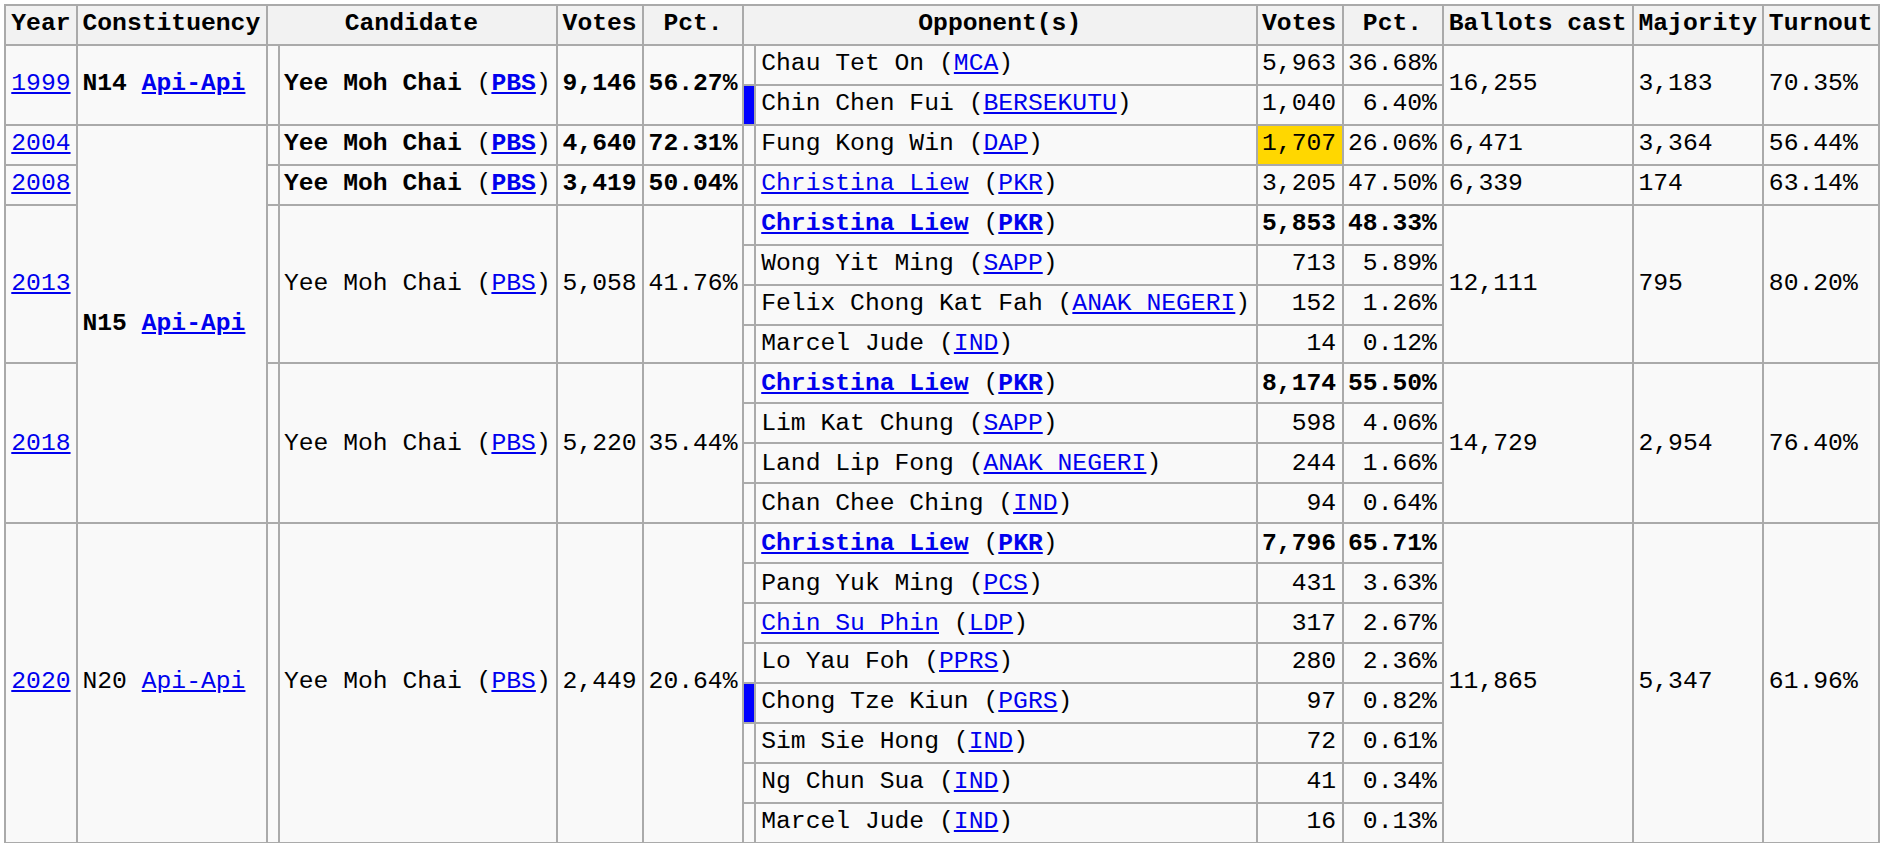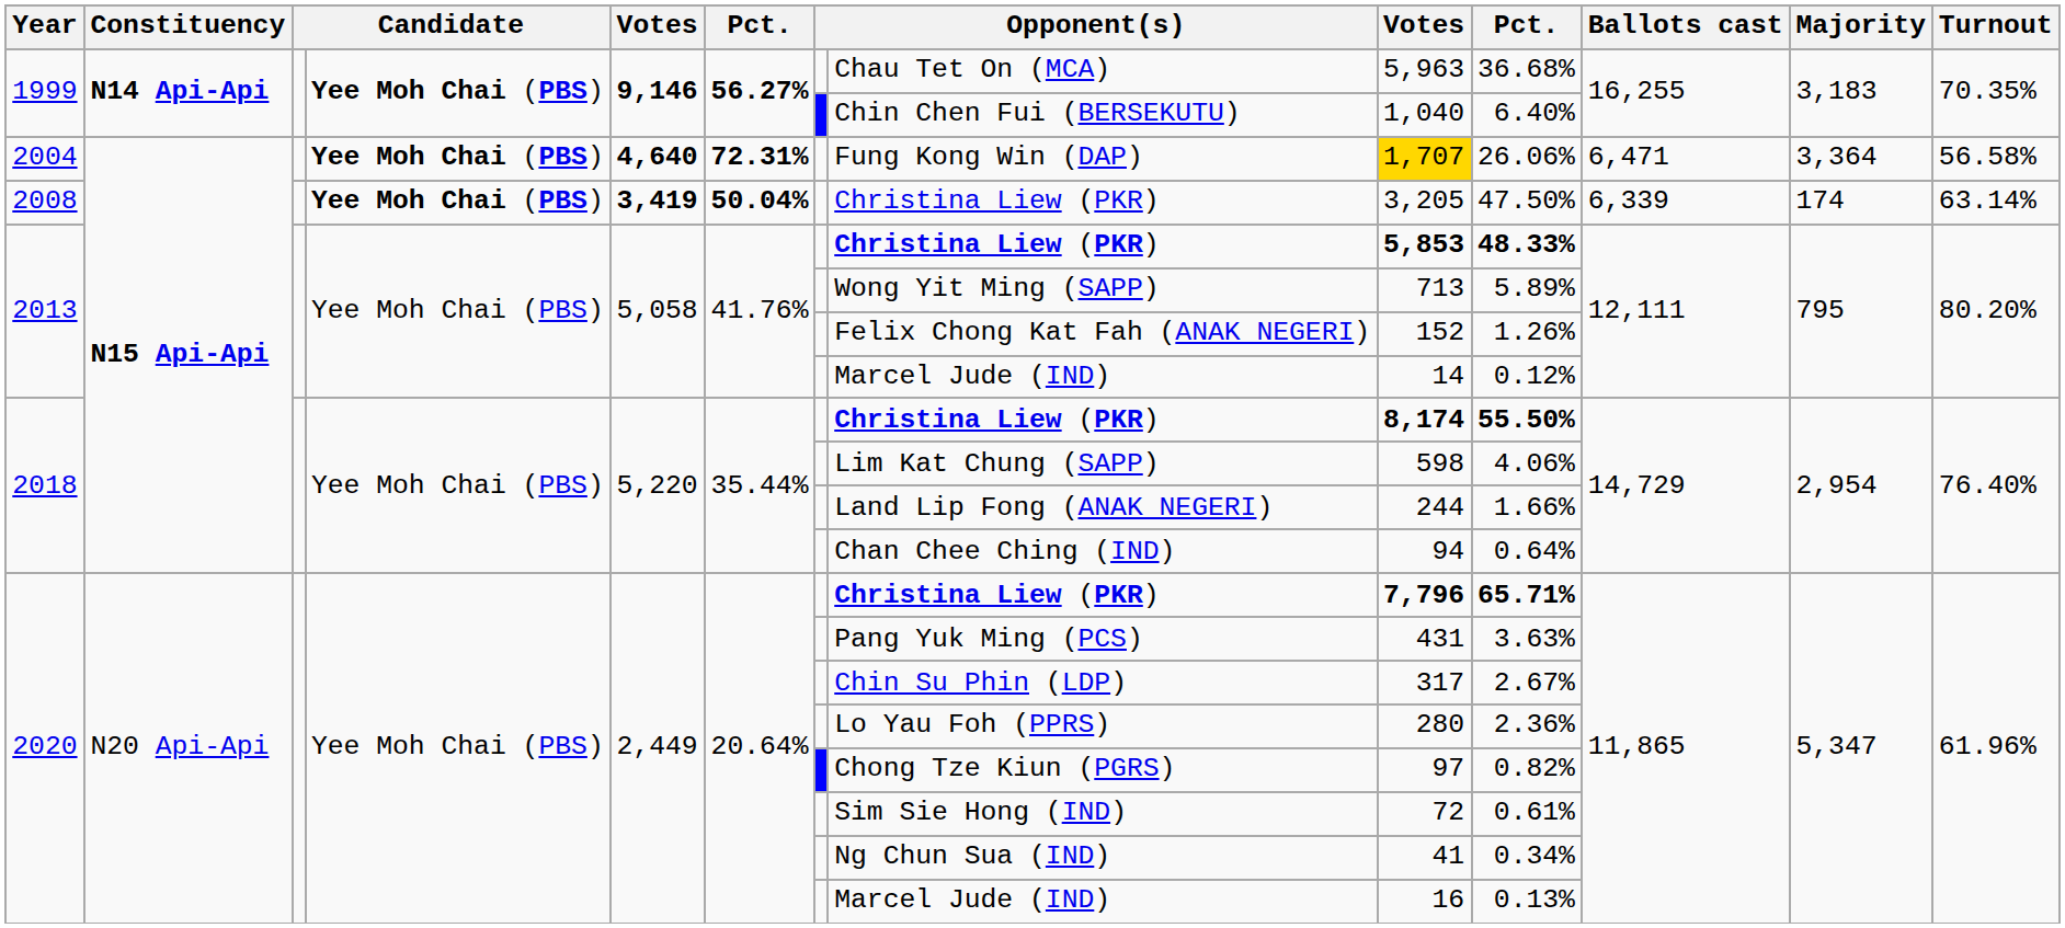 <table class="wikitable" style="margin:0.5em ; font-size:95%">
 <tr>
 <th>Year</th>
 <th>Constituency</th>
 <th colspan="2">Candidate</th>
 <th>Votes</th>
 <th>Pct.</th>
 <th colspan="2">Opponent(s)</th>
 <th>Votes</th>
 <th>Pct.</th>
 <th>Ballots cast</th>
 <th>Majority</th>
 <th>Turnout</th>
 </tr>
 <tr>
 <td rowspan="2"><a href='#'>1999</a></td>
 <td rowspan=2><strong>N14 <a href='#'>Api-Api</a></strong></td>
 <td rowspan="2" bgcolor= ></td>
 <td rowspan="2"><strong>Yee Moh Chai</strong> (<a href='#'><strong>PBS</strong></a>)</td>
 <td rowspan="2" align=right><strong>9,146</strong></td>
 <td rowspan="2"><strong>56.27%</strong></td>
 <td></td>
 <td>Chau Tet On (<a href='#'>MCA</a>)</td>
 <td align=right>5,963</td>
 <td>36.68%</td>
 <td rowspan="2">16,255</td>
 <td rowspan="2">3,183</td>
 <td rowspan="2">70.35%</td>
 </tr>
 <tr>
 <td bgcolor= blue></td>
 <td>Chin Chen Fui (<a href='#'>BERSEKUTU</a>)</td>
 <td align=right>1,040</td>
 <td align=right>6.40%</td>
 </tr>
 <tr>
 <td><a href='#'>2004</a></td>
 <td rowspan=10><strong>N15 <a href='#'>Api-Api</a></strong></td>
 <td></td>
 <td><strong>Yee Moh Chai</strong> (<a href='#'><strong>PBS</strong></a>)</td>
 <td align=right><strong>4,640</strong></td>
 <td><strong>72.31%</strong></td>
 <td></td>
 <td>Fung Kong Win (<a href='#'>DAP</a>)</td>
 <td align=right style="background: gold;">1,707</td>
 <td>26.06%</td>
 <td>6,471</td>
 <td>3,364</td>
-<td>56.44%</td>
+<td>56.58%</td>
 </tr>
 <tr>
 <td><a href='#'>2008</a></td>
 <td></td>
 <td><strong>Yee Moh Chai</strong> (<a href='#'><strong>PBS</strong></a>)</td>
 <td align=right><strong>3,419</strong></td>
 <td><strong>50.04%</strong></td>
 <td></td>
 <td><a href='#'>Christina Liew</a> (<a href='#'>PKR</a>)</td>
 <td align=right>3,205</td>
 <td>47.50%</td>
 <td>6,339</td>
 <td>174</td>
 <td>63.14%</td>
 </tr>
 <tr>
 <td rowspan="4"><a href='#'>2013</a></td>
 <td rowspan="4" ></td>
 <td rowspan="4">Yee Moh Chai (<a href='#'>PBS</a>)</td>
 <td rowspan="4" align=right>5,058</td>
 <td rowspan="4">41.76%</td>
 <td></td>
 <td><strong><a href='#'>Christina Liew</a></strong> (<a href='#'><strong>PKR</strong></a>)</td>
 <td align=right><strong>5,853</strong></td>
 <td><strong>48.33%</strong></td>
 <td rowspan="4">12,111</td>
 <td rowspan="4">795</td>
 <td rowspan="4">80.20%</td>
 </tr>
 <tr>
 <td bgcolor = ></td>
 <td>Wong Yit Ming (<a href='#'>SAPP</a>)</td>
 <td align=right>713</td>
 <td align=right>5.89%</td>
 </tr>
 <tr>
 <td bgcolor = ></td>
 <td>Felix Chong Kat Fah (<a href='#'>ANAK NEGERI</a>)</td>
 <td align=right>152</td>
 <td align=right>1.26%</td>
 </tr>
 <tr>
 <td></td>
 <td>Marcel Jude (<a href='#'>IND</a>)</td>
 <td align=right>14</td>
 <td align=right>0.12%</td>
 </tr>
 <tr>
 <td rowspan="4"><a href='#'>2018</a></td>
 <td rowspan="4" ></td>
 <td rowspan="4">Yee Moh Chai (<a href='#'>PBS</a>)</td>
 <td rowspan="4" align=right>5,220</td>
 <td rowspan="4">35.44%</td>
 <td></td>
 <td><strong><a href='#'>Christina Liew</a></strong> (<a href='#'><strong>PKR</strong></a>)</td>
 <td align=right><strong>8,174</strong></td>
 <td><strong>55.50%</strong></td>
 <td rowspan="4">14,729</td>
 <td rowspan="4">2,954</td>
 <td rowspan="4">76.40%</td>
 </tr>
 <tr>
 <td bgcolor = ></td>
 <td>Lim Kat Chung (<a href='#'>SAPP</a>)</td>
 <td align=right>598</td>
 <td align=right>4.06%</td>
 </tr>
 <tr>
 <td bgcolor = ></td>
 <td>Land Lip Fong (<a href='#'>ANAK NEGERI</a>)</td>
 <td align=right>244</td>
 <td align=right>1.66%</td>
 </tr>
 <tr>
 <td></td>
 <td>Chan Chee Ching (<a href='#'>IND</a>)</td>
 <td align=right>94</td>
 <td align=right>0.64%</td>
 </tr>
 <tr>
 <td rowspan="8"><a href='#'>2020</a></td>
 <td rowspan=8>N20 <a href='#'>Api-Api</a></td>
 <td rowspan="8" bgcolor= ></td>
 <td rowspan="8">Yee Moh Chai (<a href='#'>PBS</a>)</td>
 <td rowspan="8" align=right>2,449</td>
 <td rowspan="8">20.64%</td>
 <td></td>
 <td><strong><a href='#'>Christina Liew</a></strong> (<a href='#'><strong>PKR</strong></a>)</td>
 <td align=right><strong>7,796</strong></td>
 <td><strong>65.71%</strong></td>
 <td rowspan="8">11,865</td>
 <td rowspan="8">5,347</td>
 <td rowspan="8">61.96%</td>
 </tr>
 <tr>
 <td bgcolor= ></td>
 <td>Pang Yuk Ming (<a href='#'>PCS</a>)</td>
 <td align=right>431</td>
 <td align=right>3.63%</td>
 </tr>
 <tr>
 <td></td>
 <td><a href='#'>Chin Su Phin</a> (<a href='#'>LDP</a>)</td>
 <td align=right>317</td>
 <td align=right>2.67%</td>
 </tr>
 <tr>
 <td bgcolor = ></td>
 <td>Lo Yau Foh (<a href='#'>PPRS</a>)</td>
 <td align=right>280</td>
 <td align=right>2.36%</td>
 </tr>
 <tr>
 <td bgcolor= blue></td>
 <td>Chong Tze Kiun (<a href='#'>PGRS</a>)</td>
 <td align=right>97</td>
 <td align=right>0.82%</td>
 </tr>
 <tr>
 <td></td>
 <td>Sim Sie Hong (<a href='#'>IND</a>)</td>
 <td align=right>72</td>
 <td align=right>0.61%</td>
 </tr>
 <tr>
 <td></td>
 <td>Ng Chun Sua (<a href='#'>IND</a>)</td>
 <td align=right>41</td>
 <td align=right>0.34%</td>
 </tr>
 <tr>
 <td></td>
 <td>Marcel Jude (<a href='#'>IND</a>)</td>
 <td align=right>16</td>
 <td align=right>0.13%</td>
 </tr>
 </table>
